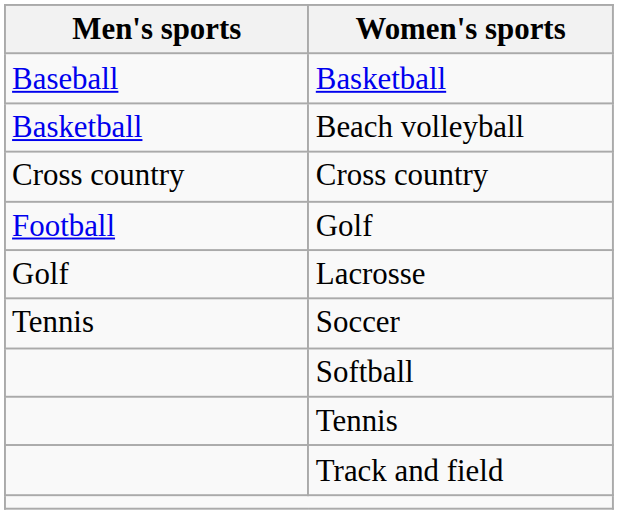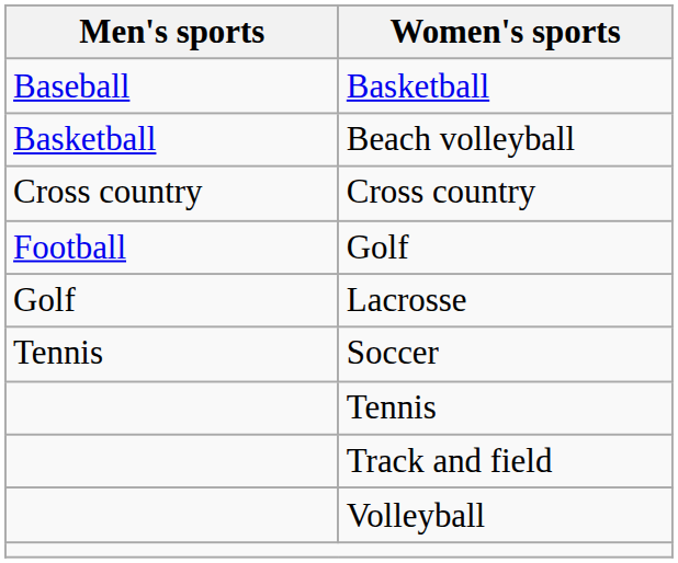 <table class="wikitable" style=" ">
 <tr>
 <th width=150px>Men's sports</th>
 <th width=150px>Women's sports</th>
 </tr>
 <tr>
 <td><a href='#'>Baseball</a></td>
 <td><a href='#'>Basketball</a></td>
 </tr>
 <tr>
 <td><a href='#'>Basketball</a></td>
 <td>Beach volleyball</td>
 </tr>
 <tr>
 <td>Cross country</td>
 <td>Cross country</td>
 </tr>
 <tr>
 <td><a href='#'>Football</a></td>
 <td>Golf</td>
 </tr>
 <tr>
 <td>Golf</td>
 <td>Lacrosse </td>
 </tr>
 <tr>
 <td>Tennis</td>
 <td>Soccer</td>
 </tr>
 <tr>
 <td></td>
-<td>Softball</td>
-</tr>
-<tr>
-<td></td>
 <td>Tennis</td>
 </tr>
 <tr>
 <td></td>
 <td>Track and field</td>
 </tr>
 <tr>
+<td></td>
+<td>Volleyball</td>
+</tr>
+<tr>
 <td colspan="2"></td>
 </tr>
 </table>
